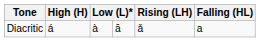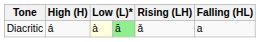 <table class="wikitable">
 <tr>
 <th>Tone</th>
 <th>High (H)</th>
 <th colspan="2">Low (L)*</th>
 <th>Rising (LH)</th>
 <th>Falling (HL)</th>
 </tr>
 <tr>
 <td>Diacritic</td>
 <td>á</td>
-<td>à</td>
-<td>ā</td>
+<td style="background: lightyellow;">à</td>
+<td style="background: lightgreen;">ā</td>
 <td>ǎ</td>
 <td>a</td>
 </tr>
 </table>
